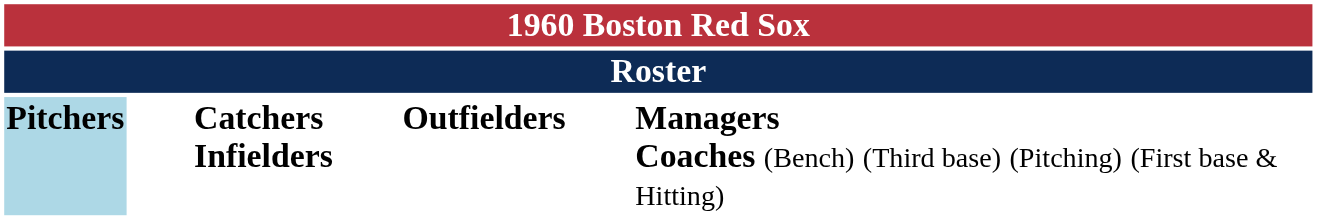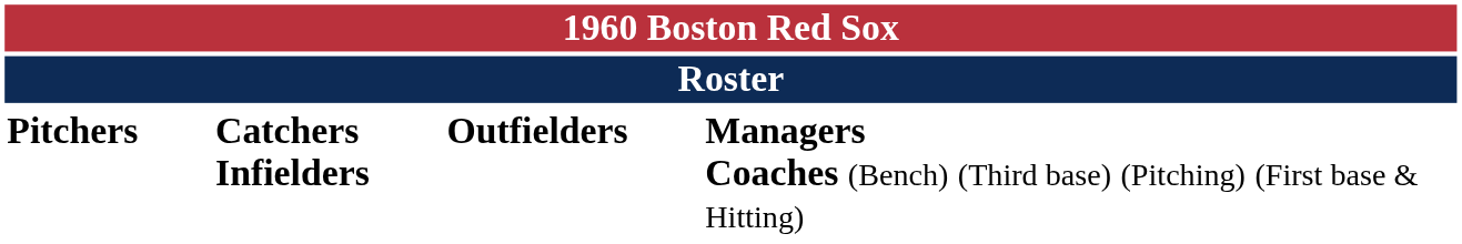 <table class="toccolours" style="text-align: left;">
 <tr>
 <th colspan="10" style="background-color: #ba313c; color: white; text-align: center;">1960 Boston Red Sox</th>
 </tr>
 <tr>
 <td colspan="10" style="background-color:#0d2b56; color: white; text-align: center;"><strong>Roster</strong></td>
 </tr>
 <tr>
-<td valign="top" style="background: lightblue;"><strong>Pitchers</strong><br>                 </td>
+<td valign="top"><strong>Pitchers</strong><br>                 </td>
 <td width="25px"></td>
 <td valign="top"><strong>Catchers</strong><br>     <strong>Infielders</strong>         </td>
 <td width="25px"></td>
 <td valign="top"><strong>Outfielders</strong><br>         </td>
 <td width="25px"></td>
 <td valign="top"><strong>Managers</strong><br>   <strong>Coaches</strong>  <small>(Bench)</small>  <small>(Third base)</small>  <small>(Pitching)</small>  <small>(First base & Hitting)</small></td>
 </tr>
 <tr>
 </tr>
 </table>
